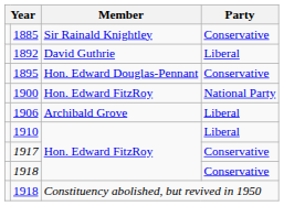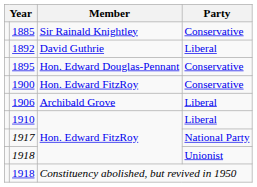 <table class="wikitable">
 <tr>
 <th colspan="2">Year</th>
 <th>Member</th>
 <th>Party</th>
 </tr>
 <tr>
 <td style="color:inherit;background-color: "></td>
 <td><a href='#'>1885</a></td>
 <td><a href='#'>Sir Rainald Knightley</a></td>
 <td><a href='#'>Conservative</a></td>
 </tr>
 <tr>
 <td style="color:inherit;background-color: "></td>
 <td><a href='#'>1892</a></td>
 <td><a href='#'>David Guthrie</a></td>
 <td><a href='#'>Liberal</a></td>
 </tr>
 <tr>
 <td style="color:inherit;background-color: "></td>
 <td><a href='#'>1895</a></td>
 <td><a href='#'>Hon. Edward Douglas-Pennant</a></td>
 <td><a href='#'>Conservative</a></td>
 </tr>
 <tr>
 <td style="color:inherit;background-color: "></td>
 <td><a href='#'>1900</a></td>
 <td><a href='#'>Hon. Edward FitzRoy</a></td>
-<td><a href='#'>National Party</a></td>
+<td><a href='#'>Conservative</a></td>
 </tr>
 <tr>
 <td style="color:inherit;background-color: "></td>
 <td><a href='#'>1906</a></td>
 <td><a href='#'>Archibald Grove</a></td>
 <td><a href='#'>Liberal</a></td>
 </tr>
 <tr>
 <td style="color:inherit;background-color: "></td>
 <td><a href='#'>1910</a></td>
 <td rowspan="3"><a href='#'>Hon. Edward FitzRoy</a></td>
 <td><a href='#'>Liberal</a></td>
 </tr>
 <tr>
 <td style="color:inherit;background-color: "></td>
 <td><em>1917</em></td>
-<td><a href='#'>Conservative</a></td>
+<td><a href='#'>National Party</a></td>
 </tr>
 <tr>
 <td style="color:inherit;background-color: "></td>
 <td><em>1918</em></td>
-<td><a href='#'>Conservative</a></td>
+<td><a href='#'>Unionist</a></td>
 </tr>
 <tr>
 <td></td>
 <td><a href='#'>1918</a></td>
 <td colspan="2"><em>Constituency abolished, but revived in 1950</em></td>
 </tr>
 </table>
